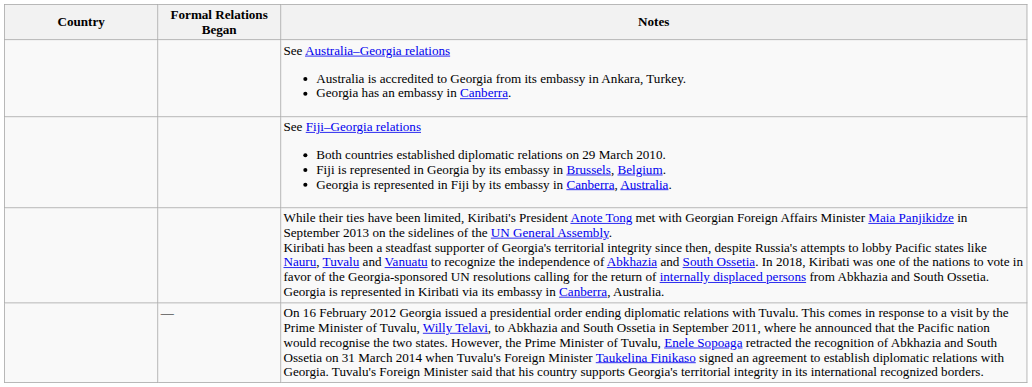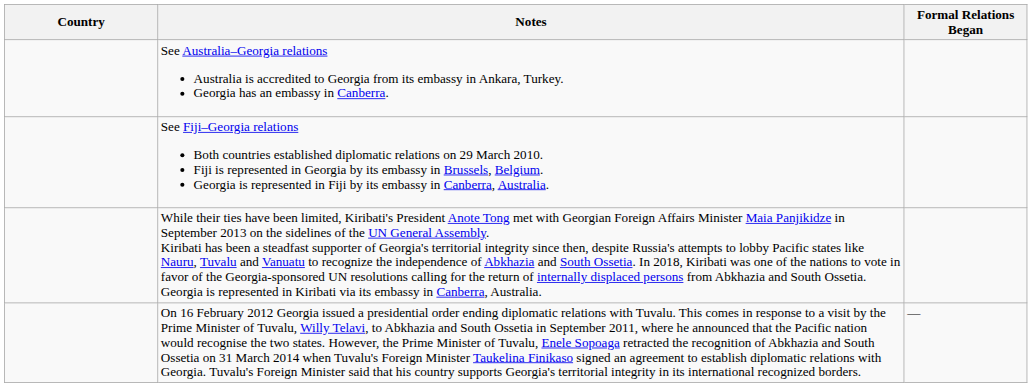 <table class="wikitable sortable">
 <tr>
 <th width="15%">Country</th>
+<th>Notes</th>
 <th width="12%">Formal Relations Began</th>
-<th>Notes</th>
 </tr>
 <tr -valign="top">
 <td></td>
+<td>See <a href='#'>Australia–Georgia relations</a><br><ul><li>Australia is accredited to Georgia from its embassy in Ankara, Turkey.</li><li>Georgia has an embassy in <a href='#'>Canberra</a>.</li></ul></td>
 <td></td>
-<td>See <a href='#'>Australia–Georgia relations</a><br><ul><li>Australia is accredited to Georgia from its embassy in Ankara, Turkey.</li><li>Georgia has an embassy in <a href='#'>Canberra</a>.</li></ul></td>
 </tr>
 <tr -valign="top">
 <td></td>
+<td>See <a href='#'>Fiji–Georgia relations</a><br><ul><li>Both countries established diplomatic relations on 29 March 2010.</li><li>Fiji is represented in Georgia by its embassy in <a href='#'>Brussels</a>, <a href='#'>Belgium</a>.</li><li>Georgia is represented in Fiji by its embassy in <a href='#'>Canberra</a>, <a href='#'>Australia</a>.</li></ul></td>
 <td></td>
-<td>See <a href='#'>Fiji–Georgia relations</a><br><ul><li>Both countries established diplomatic relations on 29 March 2010.</li><li>Fiji is represented in Georgia by its embassy in <a href='#'>Brussels</a>, <a href='#'>Belgium</a>.</li><li>Georgia is represented in Fiji by its embassy in <a href='#'>Canberra</a>, <a href='#'>Australia</a>.</li></ul></td>
 </tr>
 <tr -valign="top">
 <td></td>
+<td>While their ties have been limited, Kiribati's President <a href='#'>Anote Tong</a> met with Georgian Foreign Affairs Minister <a href='#'>Maia Panjikidze</a> in September 2013 on the sidelines of the <a href='#'>UN General Assembly</a>.<br>Kiribati has been a steadfast supporter of Georgia's territorial integrity since then, despite Russia's attempts to lobby Pacific states like <a href='#'>Nauru</a>, <a href='#'>Tuvalu</a> and <a href='#'>Vanuatu</a> to recognize the independence of <a href='#'>Abkhazia</a> and <a href='#'>South Ossetia</a>. In 2018, Kiribati was one of the nations to vote in favor of the Georgia-sponsored UN resolutions calling for the return of <a href='#'>internally displaced persons</a> from Abkhazia and South Ossetia.<br>Georgia is represented in Kiribati via its embassy in <a href='#'>Canberra</a>, Australia.</td>
 <td></td>
-<td>While their ties have been limited, Kiribati's President <a href='#'>Anote Tong</a> met with Georgian Foreign Affairs Minister <a href='#'>Maia Panjikidze</a> in September 2013 on the sidelines of the <a href='#'>UN General Assembly</a>.<br>Kiribati has been a steadfast supporter of Georgia's territorial integrity since then, despite Russia's attempts to lobby Pacific states like <a href='#'>Nauru</a>, <a href='#'>Tuvalu</a> and <a href='#'>Vanuatu</a> to recognize the independence of <a href='#'>Abkhazia</a> and <a href='#'>South Ossetia</a>. In 2018, Kiribati was one of the nations to vote in favor of the Georgia-sponsored UN resolutions calling for the return of <a href='#'>internally displaced persons</a> from Abkhazia and South Ossetia.<br>Georgia is represented in Kiribati via its embassy in <a href='#'>Canberra</a>, Australia.</td>
 </tr>
 <tr - valign="top">
 <td></td>
+<td>On 16 February 2012 Georgia issued a presidential order ending diplomatic relations with Tuvalu. This comes in response to a visit by the Prime Minister of Tuvalu, <a href='#'>Willy Telavi</a>, to Abkhazia and South Ossetia in September 2011, where he announced that the Pacific nation would recognise the two states. However, the Prime Minister of Tuvalu, <a href='#'>Enele Sopoaga</a> retracted the recognition of Abkhazia and South Ossetia on 31 March 2014 when Tuvalu's Foreign Minister <a href='#'>Taukelina Finikaso</a> signed an agreement to establish diplomatic relations with Georgia. Tuvalu's Foreign Minister said that his country supports Georgia's territorial integrity in its international recognized borders.</td>
 <td> —<br></td>
-<td>On 16 February 2012 Georgia issued a presidential order ending diplomatic relations with Tuvalu. This comes in response to a visit by the Prime Minister of Tuvalu, <a href='#'>Willy Telavi</a>, to Abkhazia and South Ossetia in September 2011, where he announced that the Pacific nation would recognise the two states. However, the Prime Minister of Tuvalu, <a href='#'>Enele Sopoaga</a> retracted the recognition of Abkhazia and South Ossetia on 31 March 2014 when Tuvalu's Foreign Minister <a href='#'>Taukelina Finikaso</a> signed an agreement to establish diplomatic relations with Georgia. Tuvalu's Foreign Minister said that his country supports Georgia's territorial integrity in its international recognized borders.</td>
 </tr>
 </table>
